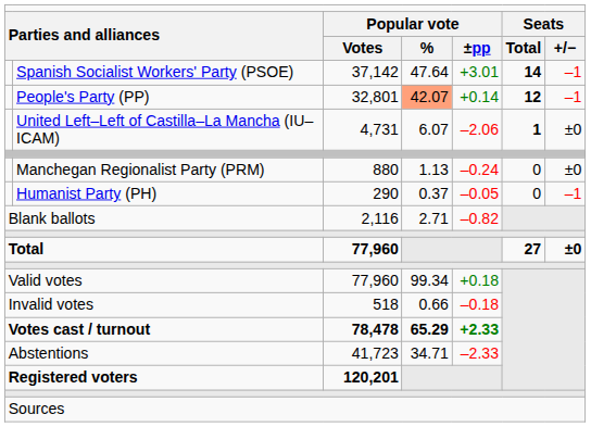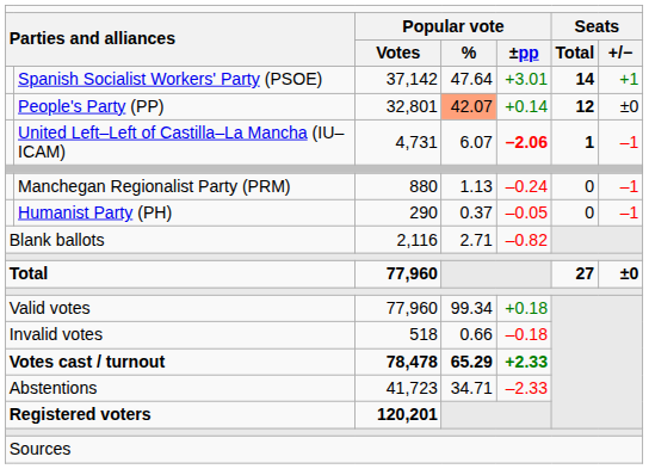 <table class="wikitable" style="text-align:right;">
 <tr>
 <td colspan="7"></td>
 </tr>
 <tr>
 <th style="text-align:left;" rowspan="2" colspan="2" width="525">Parties and alliances</th>
 <th colspan="3">Popular vote</th>
 <th colspan="2">Seats</th>
 </tr>
 <tr>
 <th width="75">Votes</th>
 <th width="45">%</th>
 <th width="45">±<a href='#'>pp</a></th>
 <th width="35">Total</th>
 <th width="35">+/−</th>
 </tr>
 <tr>
 <td width="1" style="color:inherit;background:"></td>
 <td align="left"><a href='#'>Spanish Socialist Workers' Party</a> (PSOE)</td>
 <td>37,142</td>
 <td>47.64</td>
 <td style="color:green;">+3.01</td>
 <td><strong>14</strong></td>
-<td style="color:red;">–1</td>
+<td style="color:green;">+1</td>
 </tr>
 <tr>
 <td style="color:inherit;background:"></td>
 <td align="left"><a href='#'>People's Party</a> (PP)</td>
 <td>32,801</td>
 <td style="background: lightsalmon;">42.07</td>
 <td style="color:green;">+0.14</td>
 <td><strong>12</strong></td>
-<td style="color:red;">–1</td>
+<td>±0</td>
 </tr>
 <tr>
 <td style="color:inherit;background:"></td>
 <td align="left"><a href='#'>United Left–Left of Castilla–La Mancha</a> (IU–ICAM)</td>
 <td>4,731</td>
 <td>6.07</td>
-<td style="color:red;">–2.06</td>
+<td style="color:red;"><strong>–2.06</strong></td>
 <td><strong>1</strong></td>
-<td>±0</td>
+<td style="color:red;">–1</td>
 </tr>
 <tr>
 <td colspan="7" bgcolor="#C0C0C0"></td>
 </tr>
 <tr>
 <td style="color:inherit;background:"></td>
 <td align="left">Manchegan Regionalist Party (PRM)</td>
 <td>880</td>
 <td>1.13</td>
 <td style="color:red;">–0.24</td>
 <td>0</td>
-<td>±0</td>
+<td style="color:red;">–1</td>
 </tr>
 <tr>
 <td style="color:inherit;background:"></td>
 <td align="left"><a href='#'>Humanist Party</a> (PH)</td>
 <td>290</td>
 <td>0.37</td>
 <td style="color:red;">–0.05</td>
 <td>0</td>
 <td style="color:red;">–1</td>
 </tr>
 <tr>
 <td align="left" colspan="2">Blank ballots</td>
 <td>2,116</td>
 <td>2.71</td>
 <td style="color:red;">–0.82</td>
 <td bgcolor="#E9E9E9" colspan="2"></td>
 </tr>
 <tr>
 <td colspan="7" bgcolor="#E9E9E9"></td>
 </tr>
 <tr style="font-weight:bold;">
 <td align="left" colspan="2">Total</td>
 <td>77,960</td>
 <td bgcolor="#E9E9E9" colspan="2"></td>
 <td>27</td>
 <td>±0</td>
 </tr>
 <tr>
 <td colspan="7" bgcolor="#E9E9E9"></td>
 </tr>
 <tr>
 <td align="left" colspan="2">Valid votes</td>
 <td>77,960</td>
 <td>99.34</td>
 <td style="color:green;">+0.18</td>
 <td bgcolor="#E9E9E9" colspan="2" rowspan="5"></td>
 </tr>
 <tr>
 <td align="left" colspan="2">Invalid votes</td>
 <td>518</td>
 <td>0.66</td>
 <td style="color:red;">–0.18</td>
 </tr>
 <tr style="font-weight:bold;">
 <td align="left" colspan="2">Votes cast / turnout</td>
 <td>78,478</td>
 <td>65.29</td>
 <td style="color:green;">+2.33</td>
 </tr>
 <tr>
 <td align="left" colspan="2">Abstentions</td>
 <td>41,723</td>
 <td>34.71</td>
 <td style="color:red;">–2.33</td>
 </tr>
 <tr style="font-weight:bold;">
 <td align="left" colspan="2">Registered voters</td>
 <td>120,201</td>
 <td bgcolor="#E9E9E9" colspan="2"></td>
 </tr>
 <tr>
 <td colspan="7" bgcolor="#E9E9E9"></td>
 </tr>
 <tr>
 <td align="left" colspan="7">Sources</td>
 </tr>
 </table>
